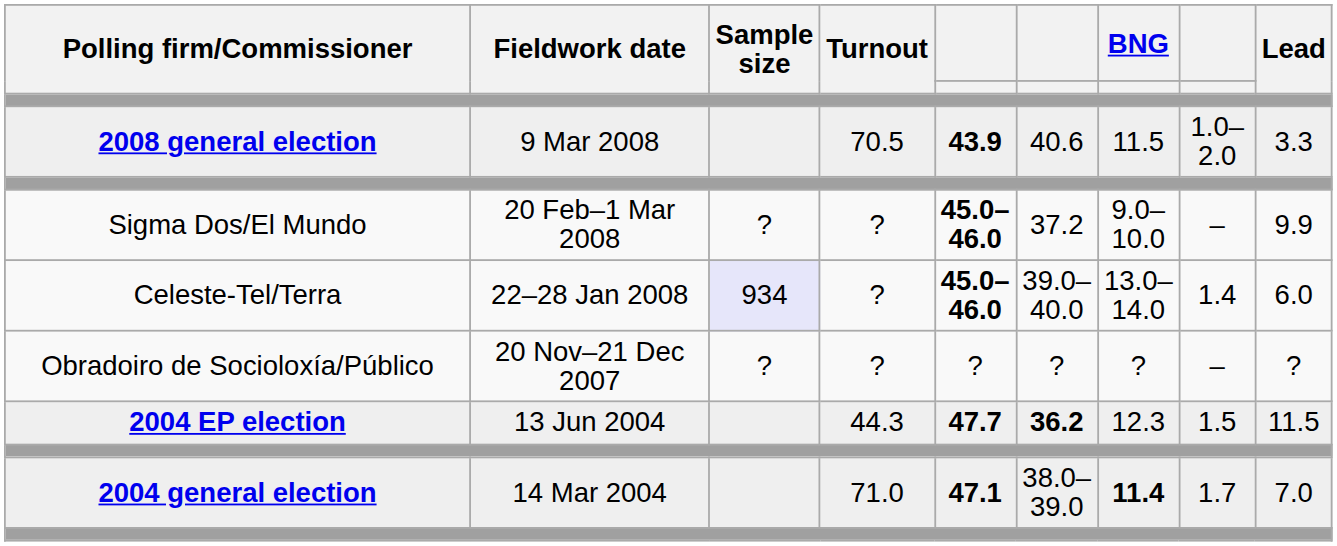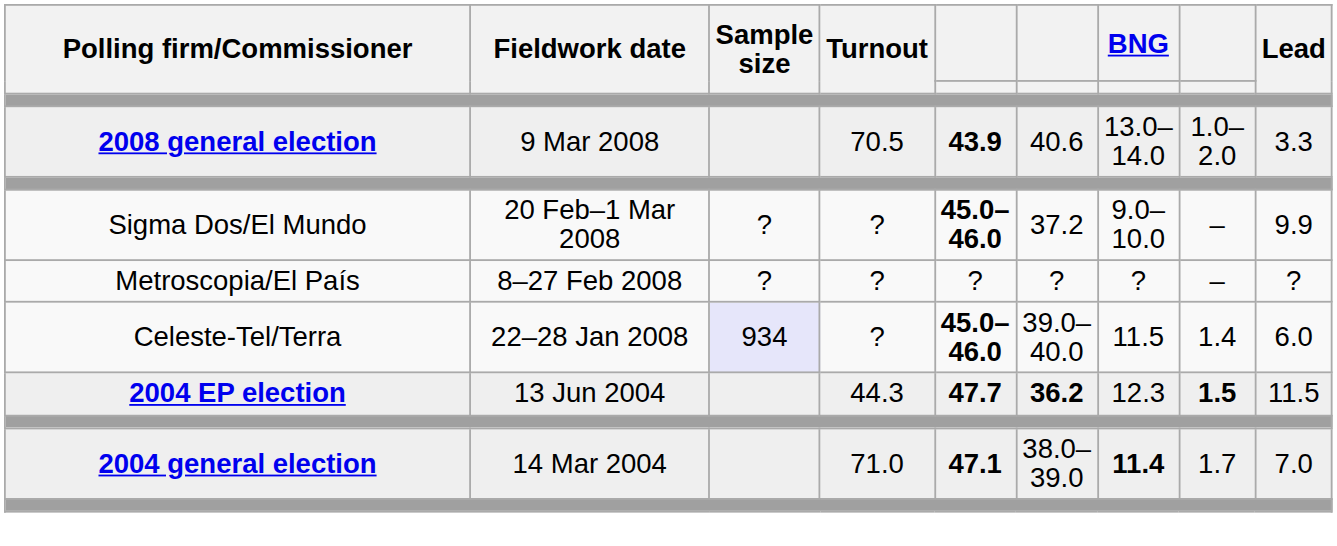 <table class="wikitable collapsible collapsed" style="text-align:center; font-size:95%; line-height:16px;">
 <tr style="height:42px;">
 <th style="width:250px;" rowspan="2">Polling firm/Commissioner</th>
 <th style="width:125px;" rowspan="2">Fieldwork date</th>
 <th style="width:50px;" rowspan="2">Sample size</th>
 <th style="width:45px;" rowspan="2">Turnout</th>
 <th style="width:35px;"></th>
 <th style="width:35px;"></th>
 <th style="width:35px;"><a href='#'>BNG</a></th>
 <th style="width:35px;"></th>
 <th style="width:30px;" rowspan="2">Lead</th>
 </tr>
 <tr>
 <th style="color:inherit;background:"></th>
 <th style="color:inherit;background:"></th>
 <th style="color:inherit;background:"></th>
 <th style="color:inherit;background:"></th>
 </tr>
 <tr>
 <td colspan="9" style="background:#A0A0A0"></td>
 </tr>
 <tr style="background:#EFEFEF;">
 <td><strong><a href='#'>2008 general election</a></strong></td>
 <td>9 Mar 2008</td>
 <td></td>
 <td>70.5</td>
 <td><strong>43.9</strong><br></td>
 <td>40.6<br></td>
-<td>11.5<br></td>
+<td>13.0–<br>14.0<br></td>
 <td>1.0–<br>2.0<br></td>
 <td style="background:">3.3</td>
 </tr>
 <tr>
 <td colspan="9" style="background:#A0A0A0"></td>
 </tr>
 <tr>
 <td>Sigma Dos/El Mundo</td>
 <td>20 Feb–1 Mar 2008</td>
 <td>?</td>
 <td>?</td>
 <td><strong>45.0–<br>46.0</strong><br></td>
 <td>37.2<br></td>
 <td>9.0–<br>10.0<br></td>
 <td>–</td>
 <td style="background:">9.9</td>
 </tr>
 <tr>
-<td>Celeste-Tel/Terra</td>
-<td>22–28 Jan 2008</td>
-<td style="background: lavender;">934</td>
-<td>?</td>
-<td><strong>45.0–<br>46.0</strong><br></td>
-<td>39.0–<br>40.0<br></td>
-<td>13.0–<br>14.0<br></td>
-<td>1.4<br></td>
-<td style="background:">6.0</td>
-</tr>
-<tr>
-<td>Obradoiro de Socioloxía/Público</td>
-<td>20 Nov–21 Dec 2007</td>
+<td>Metroscopia/El País</td>
+<td>8–27 Feb 2008</td>
 <td>?</td>
 <td>?</td>
 <td>?<br></td>
 <td>?<br></td>
 <td>?<br></td>
 <td>–</td>
 <td style="background:">?</td>
+</tr>
+<tr>
+<td>Celeste-Tel/Terra</td>
+<td>22–28 Jan 2008</td>
+<td style="background: lavender;">934</td>
+<td>?</td>
+<td><strong>45.0–<br>46.0</strong><br></td>
+<td>39.0–<br>40.0<br></td>
+<td>11.5<br></td>
+<td>1.4<br></td>
+<td style="background:">6.0</td>
 </tr>
 <tr style="background:#EFEFEF;">
 <td><strong><a href='#'>2004 EP election</a></strong></td>
 <td>13 Jun 2004</td>
 <td></td>
 <td>44.3</td>
 <td><strong>47.7</strong><br></td>
 <td><strong>36.2<br></strong></td>
 <td>12.3<br></td>
-<td>1.5<br></td>
+<td><strong>1.5<br></strong></td>
 <td style="background:">11.5</td>
 </tr>
 <tr>
 <td colspan="9" style="background:#A0A0A0"></td>
 </tr>
 <tr style="background:#EFEFEF;">
 <td><strong><a href='#'>2004 general election</a></strong></td>
 <td>14 Mar 2004</td>
 <td></td>
 <td>71.0</td>
 <td><strong>47.1</strong><br></td>
 <td>38.0–<br>39.0<br></td>
 <td><strong>11.4<br></strong></td>
 <td>1.7<br></td>
 <td style="background:">7.0</td>
 </tr>
 <tr>
 <td colspan="9" style="background:#A0A0A0"></td>
 </tr>
 </table>
